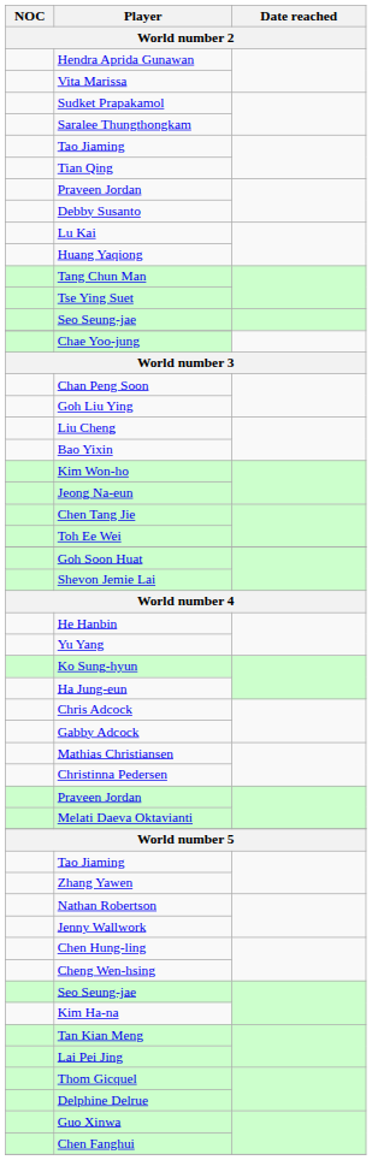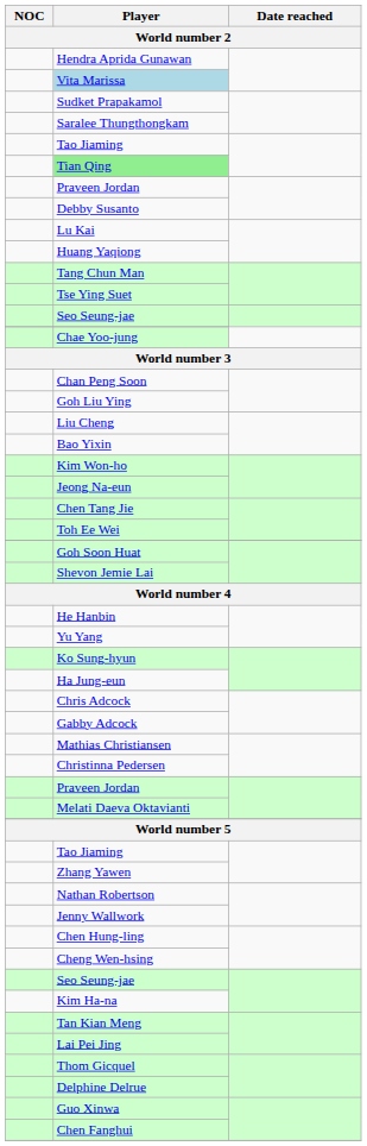 <table class="sortable wikitable">
 <tr>
 <th width="50">NOC</th>
 <th width="200">Player</th>
 <th width="150">Date reached</th>
 </tr>
 <tr>
 <th colspan="3">World number 2</th>
 </tr>
 <tr>
 <td align="center"></td>
 <td><a href='#'>Hendra Aprida Gunawan</a></td>
 <td rowspan="2"></td>
 </tr>
 <tr>
 <td align="center"></td>
-<td><a href='#'>Vita Marissa</a></td>
+<td style="background: lightblue;"><a href='#'>Vita Marissa</a></td>
 </tr>
 <tr>
 <td align="center"></td>
 <td><a href='#'>Sudket Prapakamol</a></td>
 <td rowspan="2"></td>
 </tr>
 <tr>
 <td align="center"></td>
 <td><a href='#'>Saralee Thungthongkam</a></td>
 </tr>
 <tr>
 <td align="center"></td>
 <td><a href='#'>Tao Jiaming</a></td>
 <td rowspan="2"></td>
 </tr>
 <tr>
 <td align="center"></td>
-<td><a href='#'>Tian Qing</a></td>
+<td style="background: lightgreen;"><a href='#'>Tian Qing</a></td>
 </tr>
 <tr>
 <td align="center"></td>
 <td><a href='#'>Praveen Jordan</a></td>
 <td rowspan="2"></td>
 </tr>
 <tr>
 <td align="center"></td>
 <td><a href='#'>Debby Susanto</a></td>
 </tr>
 <tr>
 <td align="center"></td>
 <td><a href='#'>Lu Kai</a></td>
 <td rowspan="2"></td>
 </tr>
 <tr>
 <td align="center"></td>
 <td><a href='#'>Huang Yaqiong</a></td>
 </tr>
 <tr bgcolor="#ccffcc">
 <td align="center"></td>
 <td><a href='#'>Tang Chun Man</a></td>
 <td rowspan="2"></td>
 </tr>
 <tr bgcolor="#ccffcc">
 <td align="center"></td>
 <td><a href='#'>Tse Ying Suet</a></td>
 </tr>
 <tr bgcolor="#ccffcc">
 <td align="center"></td>
 <td><a href='#'>Seo Seung-jae</a></td>
 <td rowspan="2"></td>
 </tr>
 <tr>
 </tr>
 <tr bgcolor="#ccffcc">
 <td align="center"></td>
 <td><a href='#'>Chae Yoo-jung</a></td>
 </tr>
 <tr>
 <th colspan="3">World number 3</th>
 </tr>
 <tr>
 <td align="center"></td>
 <td><a href='#'>Chan Peng Soon</a></td>
 <td rowspan="2"></td>
 </tr>
 <tr>
 <td align="center"></td>
 <td><a href='#'>Goh Liu Ying</a></td>
 </tr>
 <tr>
 <td align="center"></td>
 <td><a href='#'>Liu Cheng</a></td>
 <td rowspan="2"></td>
 </tr>
 <tr>
 <td align="center"></td>
 <td><a href='#'>Bao Yixin</a></td>
 </tr>
 <tr bgcolor="#ccffcc">
 <td align="center"></td>
 <td><a href='#'>Kim Won-ho</a></td>
 <td rowspan="2"></td>
 </tr>
 <tr bgcolor="#ccffcc">
 <td align="center"></td>
 <td><a href='#'>Jeong Na-eun</a></td>
 </tr>
 <tr bgcolor="#ccffcc">
 <td align="center"></td>
 <td><a href='#'>Chen Tang Jie</a></td>
 <td rowspan="2"></td>
 </tr>
 <tr bgcolor="#ccffcc">
 <td align="center"></td>
 <td><a href='#'>Toh Ee Wei</a></td>
 </tr>
 <tr>
 </tr>
 <tr bgcolor="#ccffcc">
 <td align="center"></td>
 <td><a href='#'>Goh Soon Huat</a></td>
 <td rowspan="2"></td>
 </tr>
 <tr bgcolor="#ccffcc">
 <td align="center"></td>
 <td><a href='#'>Shevon Jemie Lai</a></td>
 </tr>
 <tr>
 <th colspan="3">World number 4</th>
 </tr>
 <tr>
 <td align="center"></td>
 <td><a href='#'>He Hanbin</a></td>
 <td rowspan="2"></td>
 </tr>
 <tr>
 <td align="center"></td>
 <td><a href='#'>Yu Yang</a></td>
 </tr>
 <tr bgcolor="#ccffcc">
 <td align="center"></td>
 <td><a href='#'>Ko Sung-hyun</a></td>
 <td rowspan="2"></td>
 </tr>
 <tr>
 <td align="center"></td>
 <td><a href='#'>Ha Jung-eun</a></td>
 </tr>
 <tr>
 <td align="center"></td>
 <td><a href='#'>Chris Adcock</a></td>
 <td rowspan="2"></td>
 </tr>
 <tr>
 <td align="center"></td>
 <td><a href='#'>Gabby Adcock</a></td>
 </tr>
 <tr>
 <td align="center"></td>
 <td><a href='#'>Mathias Christiansen</a></td>
 <td rowspan="2"></td>
 </tr>
 <tr>
 <td align="center"></td>
 <td><a href='#'>Christinna Pedersen</a></td>
 </tr>
 <tr bgcolor="#ccffcc">
 <td align="center"></td>
 <td><a href='#'>Praveen Jordan</a></td>
 <td rowspan="2"></td>
 </tr>
 <tr bgcolor="#ccffcc">
 <td align="center"></td>
 <td><a href='#'>Melati Daeva Oktavianti</a></td>
 </tr>
 <tr bgcolor="#ccffcc">
 </tr>
 <tr>
 <th colspan="3">World number 5</th>
 </tr>
 <tr>
 <td align="center"></td>
 <td><a href='#'>Tao Jiaming</a></td>
 <td rowspan="2"></td>
 </tr>
 <tr>
 <td align="center"></td>
 <td><a href='#'>Zhang Yawen</a></td>
 </tr>
 <tr>
 <td align="center"></td>
 <td><a href='#'>Nathan Robertson</a></td>
 <td rowspan="2"></td>
 </tr>
 <tr>
 <td align="center"></td>
 <td><a href='#'>Jenny Wallwork</a></td>
 </tr>
 <tr>
 <td align="center"></td>
 <td><a href='#'>Chen Hung-ling</a></td>
 <td rowspan="2"></td>
 </tr>
 <tr>
 <td align="center"></td>
 <td><a href='#'>Cheng Wen-hsing</a></td>
 </tr>
 <tr bgcolor="#ccffcc">
 <td align="center"></td>
 <td><a href='#'>Seo Seung-jae</a></td>
 <td rowspan="2"></td>
 </tr>
 <tr>
 <td align="center"></td>
 <td><a href='#'>Kim Ha-na</a></td>
 </tr>
 <tr bgcolor="#ccffcc">
 <td align="center"></td>
 <td><a href='#'>Tan Kian Meng</a></td>
 <td rowspan="2"></td>
 </tr>
 <tr bgcolor="#ccffcc">
 <td align="center"></td>
 <td><a href='#'>Lai Pei Jing</a></td>
 </tr>
 <tr bgcolor="#ccffcc">
 <td align="center"></td>
 <td><a href='#'>Thom Gicquel</a></td>
 <td rowspan="2"></td>
 </tr>
 <tr bgcolor="#ccffcc">
 <td align="center"></td>
 <td><a href='#'>Delphine Delrue</a></td>
 </tr>
 <tr bgcolor="#ccffcc">
 <td align="center"></td>
 <td><a href='#'>Guo Xinwa</a></td>
 <td rowspan="2"></td>
 </tr>
 <tr bgcolor="#ccffcc">
 <td align="center"></td>
 <td><a href='#'>Chen Fanghui</a></td>
 </tr>
 <tr>
 </tr>
 </table>
